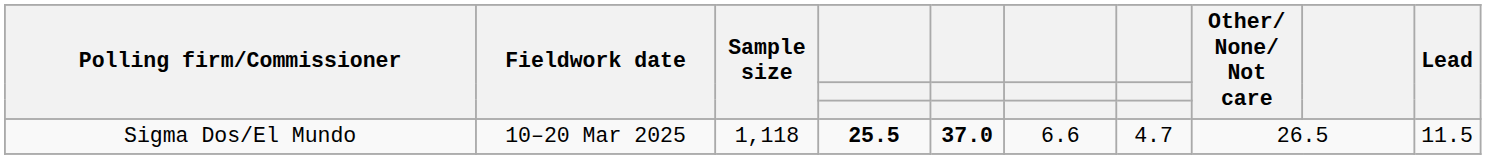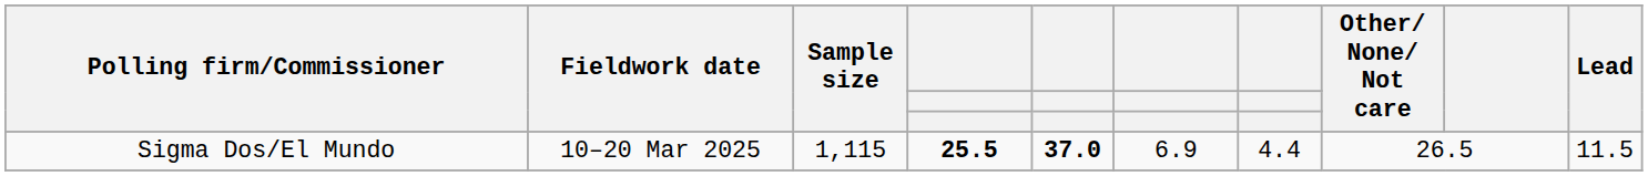 <table class="wikitable collapsible collapsed" style="text-align:center; font-size:90%; line-height:14px;">
 <tr style="height:42px;">
 <th style="width:250px;" rowspan="3">Polling firm/Commissioner</th>
 <th style="width:125px;" rowspan="3">Fieldwork date</th>
 <th style="width:50px;" rowspan="3">Sample size</th>
 <th style="width:55px;"></th>
 <th style="width:35px;"></th>
 <th style="width:55px;"></th>
 <th style="width:35px;"></th>
 <th style="width:55px;" rowspan="3">Other/<br>None/<br>Not<br>care</th>
 <th style="width:55px;" rowspan="3"></th>
 <th style="width:30px;" rowspan="3">Lead</th>
 </tr>
 <tr>
 <th style="color:inherit;background:"></th>
 <th style="color:inherit;background:"></th>
 <th style="color:inherit;background:"></th>
 <th style="color:inherit;background:"></th>
 </tr>
 <tr>
 <th></th>
 <th></th>
 <th></th>
 <th></th>
 </tr>
 <tr>
 <td>Sigma Dos/El Mundo</td>
 <td>10–20 Mar 2025</td>
-<td>1,118</td>
+<td>1,115</td>
 <td><strong>25.5</strong></td>
 <td><strong>37.0</strong></td>
-<td>6.6</td>
-<td>4.7</td>
+<td>6.9</td>
+<td>4.4</td>
 <td colspan="2">26.5</td>
 <td style="background:">11.5</td>
 </tr>
 </table>
